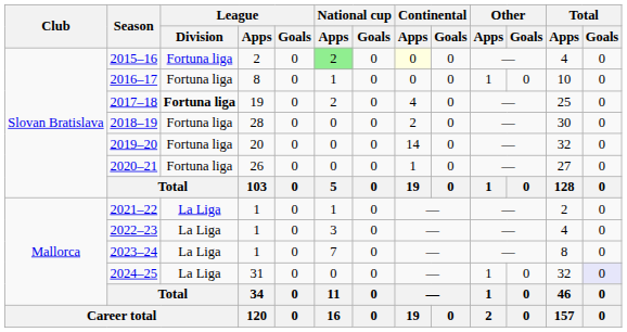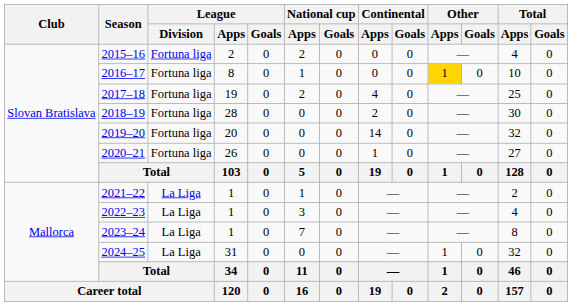 <table class="wikitable" style="text-align:center">
 <tr>
 <th rowspan="2">Club</th>
 <th rowspan="2">Season</th>
 <th colspan="3">League</th>
 <th colspan="2">National cup</th>
 <th colspan="2">Continental</th>
 <th colspan="2">Other</th>
 <th colspan="2">Total</th>
 </tr>
 <tr>
 <th>Division</th>
 <th>Apps</th>
 <th>Goals</th>
 <th>Apps</th>
 <th>Goals</th>
 <th>Apps</th>
 <th>Goals</th>
 <th>Apps</th>
 <th>Goals</th>
 <th>Apps</th>
 <th>Goals</th>
 </tr>
 <tr>
 <td rowspan="7"><a href='#'>Slovan Bratislava</a></td>
 <td><a href='#'>2015–16</a></td>
 <td><a href='#'>Fortuna liga</a></td>
 <td>2</td>
 <td>0</td>
-<td style="background: lightgreen;">2</td>
+<td>2</td>
 <td>0</td>
-<td style="background: lightyellow;">0</td>
+<td>0</td>
 <td>0</td>
 <td colspan="2">—</td>
 <td>4</td>
 <td>0</td>
 </tr>
 <tr>
 <td><a href='#'>2016–17</a></td>
 <td>Fortuna liga</td>
 <td>8</td>
 <td>0</td>
 <td>1</td>
 <td>0</td>
 <td>0</td>
 <td>0</td>
-<td>1</td>
+<td style="background: gold;">1</td>
 <td>0</td>
 <td>10</td>
 <td>0</td>
 </tr>
 <tr>
 <td><a href='#'>2017–18</a></td>
-<td><strong>Fortuna liga</strong></td>
+<td>Fortuna liga</td>
 <td>19</td>
 <td>0</td>
 <td>2</td>
 <td>0</td>
 <td>4</td>
 <td>0</td>
 <td colspan="2">—</td>
 <td>25</td>
 <td>0</td>
 </tr>
 <tr>
 <td><a href='#'>2018–19</a></td>
 <td>Fortuna liga</td>
 <td>28</td>
 <td>0</td>
 <td>0</td>
 <td>0</td>
 <td>2</td>
 <td>0</td>
 <td colspan="2">—</td>
 <td>30</td>
 <td>0</td>
 </tr>
 <tr>
 <td><a href='#'>2019–20</a></td>
 <td>Fortuna liga</td>
 <td>20</td>
 <td>0</td>
 <td>0</td>
 <td>0</td>
 <td>14</td>
 <td>0</td>
 <td colspan="2">—</td>
 <td>32</td>
 <td>0</td>
 </tr>
 <tr>
 <td><a href='#'>2020–21</a></td>
 <td>Fortuna liga</td>
 <td>26</td>
 <td>0</td>
 <td>0</td>
 <td>0</td>
 <td>1</td>
 <td>0</td>
 <td colspan="2">—</td>
 <td>27</td>
 <td>0</td>
 </tr>
 <tr>
 <th colspan="2">Total</th>
 <th>103</th>
 <th>0</th>
 <th>5</th>
 <th>0</th>
 <th>19</th>
 <th>0</th>
 <th>1</th>
 <th>0</th>
 <th>128</th>
 <th>0</th>
 </tr>
 <tr>
 <td rowspan="5"><a href='#'>Mallorca</a></td>
 <td><a href='#'>2021–22</a></td>
 <td><a href='#'>La Liga</a></td>
 <td>1</td>
 <td>0</td>
 <td>1</td>
 <td>0</td>
 <td colspan="2">—</td>
 <td colspan="2">—</td>
 <td>2</td>
 <td>0</td>
 </tr>
 <tr>
 <td><a href='#'>2022–23</a></td>
 <td>La Liga</td>
 <td>1</td>
 <td>0</td>
 <td>3</td>
 <td>0</td>
 <td colspan="2">—</td>
 <td colspan="2">—</td>
 <td>4</td>
 <td>0</td>
 </tr>
 <tr>
 <td><a href='#'>2023–24</a></td>
 <td>La Liga</td>
 <td>1</td>
 <td>0</td>
 <td>7</td>
 <td>0</td>
 <td colspan="2">—</td>
 <td colspan="2">—</td>
 <td>8</td>
 <td>0</td>
 </tr>
 <tr>
 <td><a href='#'>2024–25</a></td>
 <td>La Liga</td>
 <td>31</td>
 <td>0</td>
 <td>0</td>
 <td>0</td>
 <td colspan="2">—</td>
 <td>1</td>
 <td>0</td>
 <td>32</td>
-<td style="background: lavender;">0</td>
+<td>0</td>
 </tr>
 <tr>
 <th colspan="2">Total</th>
 <th>34</th>
 <th>0</th>
 <th>11</th>
 <th>0</th>
 <th colspan="2">—</th>
 <th>1</th>
 <th>0</th>
 <th>46</th>
 <th>0</th>
 </tr>
 <tr>
 <th colspan="3">Career total</th>
 <th>120</th>
 <th>0</th>
 <th>16</th>
 <th>0</th>
 <th>19</th>
 <th>0</th>
 <th>2</th>
 <th>0</th>
 <th>157</th>
 <th>0</th>
 </tr>
 </table>
